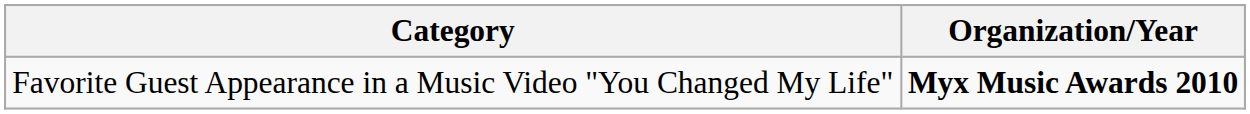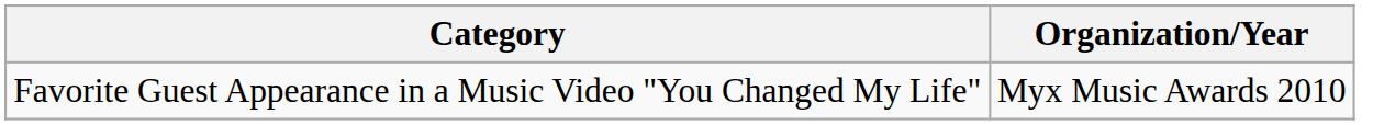 <table class="wikitable" style="font-size:95%;">
 <tr>
 <th>Category</th>
 <th>Organization/Year</th>
 </tr>
 <tr>
 <td>Favorite Guest Appearance in a Music Video "You Changed My Life"</td>
-<td><strong>Myx Music Awards 2010</strong></td>
+<td>Myx Music Awards 2010</td>
 </tr>
 </table>
